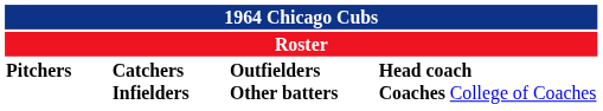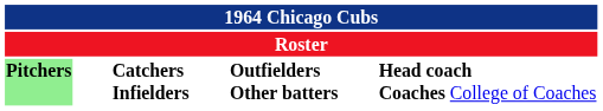 <table class="toccolours" style="font-size: 95%;">
 <tr>
 <th colspan="10" style="background-color: #0e3386; color: white; text-align: center;">1964 Chicago Cubs</th>
 </tr>
 <tr>
 <td colspan="10" style="background-color: #EE1422; color: white; text-align: center;"><strong>Roster</strong></td>
 </tr>
 <tr>
-<td valign="top"><strong>Pitchers</strong><br>                    </td>
+<td valign="top" style="background: lightgreen;"><strong>Pitchers</strong><br>                    </td>
 <td width="25px"></td>
 <td valign="top"><strong>Catchers</strong><br>    <strong>Infielders</strong>        </td>
 <td width="25px"></td>
 <td valign="top"><strong>Outfielders</strong><br>         <strong>Other batters</strong> </td>
 <td width="25px"></td>
 <td valign="top"><strong>Head coach</strong><br> <strong>Coaches</strong> <a href='#'>College of Coaches</a></td>
 </tr>
 <tr>
 </tr>
 </table>
